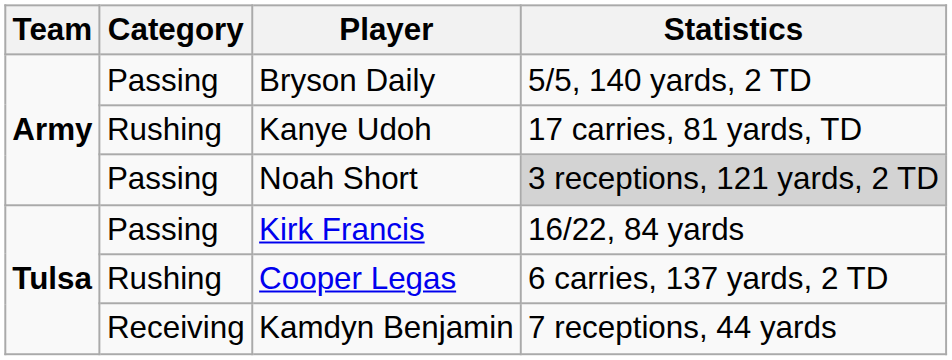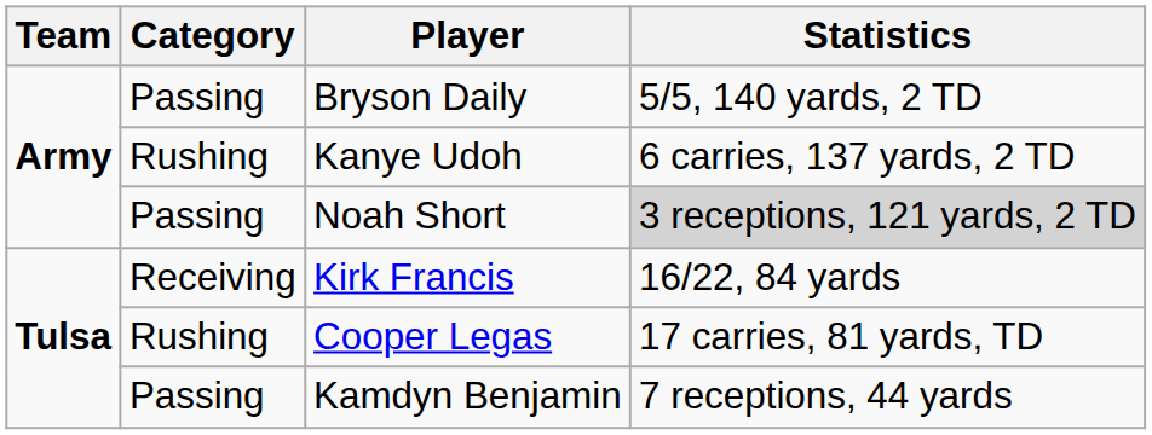 <table class="wikitable" style="float: right;">
 <tr>
 <th>Team</th>
 <th>Category</th>
 <th>Player</th>
 <th>Statistics</th>
 </tr>
 <tr>
 <td rowspan=3><strong>Army</strong></td>
 <td>Passing</td>
 <td>Bryson Daily</td>
 <td>5/5, 140 yards, 2 TD</td>
 </tr>
 <tr>
 <td>Rushing</td>
 <td>Kanye Udoh</td>
-<td>17 carries, 81 yards, TD</td>
+<td>6 carries, 137 yards, 2 TD</td>
 </tr>
 <tr>
 <td>Passing</td>
 <td>Noah Short</td>
 <td style="background: lightgrey;">3 receptions, 121 yards, 2 TD</td>
 </tr>
 <tr>
 <td rowspan=3><strong>Tulsa</strong></td>
-<td>Passing</td>
+<td>Receiving</td>
 <td><a href='#'>Kirk Francis</a></td>
 <td>16/22, 84 yards</td>
 </tr>
 <tr>
 <td>Rushing</td>
 <td><a href='#'>Cooper Legas</a></td>
-<td>6 carries, 137 yards, 2 TD</td>
+<td>17 carries, 81 yards, TD</td>
 </tr>
 <tr>
-<td>Receiving</td>
+<td>Passing</td>
 <td>Kamdyn Benjamin</td>
 <td>7 receptions, 44 yards</td>
 </tr>
 </table>
